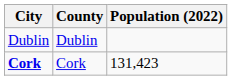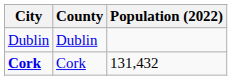 <table class="wikitable sortable sticky-header col3right">
 <tr>
 <th>City</th>
 <th>County</th>
 <th>Population (2022)</th>
 </tr>
 <tr>
 <td><a href='#'>Dublin</a></td>
 <td><a href='#'>Dublin</a></td>
 <td></td>
 </tr>
 <tr>
 <td><strong><a href='#'>Cork</a></strong></td>
 <td><a href='#'>Cork</a></td>
-<td>131,423</td>
+<td>131,432</td>
 </tr>
 </table>
